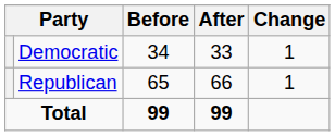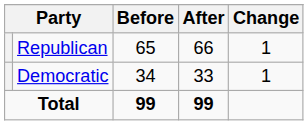 <table class="wikitable" style="text-align:center;">
 <tr>
 </tr>
 <tr>
 <th colspan=2>Party</th>
 <th>Before</th>
 <th>After</th>
 <th>Change</th>
 </tr>
 <tr>
 <th style="background-color:"></th>
-<td style="text-align:left;"><a href='#'>Democratic</a></td>
-<td>34</td>
-<td>33</td>
+<td style="text-align:left;"><a href='#'>Republican</a></td>
+<td>65</td>
+<td>66</td>
 <td> 1</td>
 </tr>
 <tr>
 <th style="background-color:"></th>
-<td style="text-align:left;"><a href='#'>Republican</a></td>
-<td>65</td>
-<td>66</td>
+<td style="text-align:left;"><a href='#'>Democratic</a></td>
+<td>34</td>
+<td>33</td>
 <td> 1</td>
 </tr>
 <tr>
 <td colspan=2><strong>Total</strong></td>
 <td><strong>99</strong></td>
 <td><strong>99</strong></td>
 <td></td>
 </tr>
 </table>
